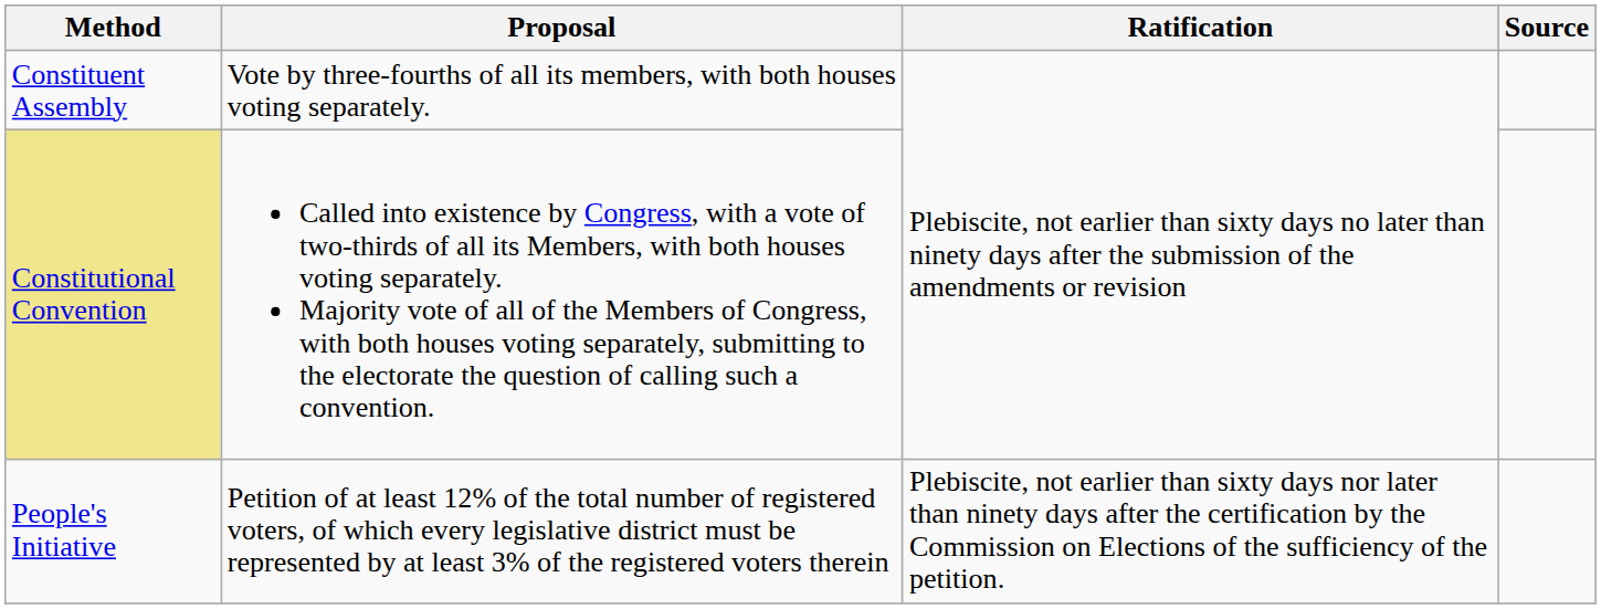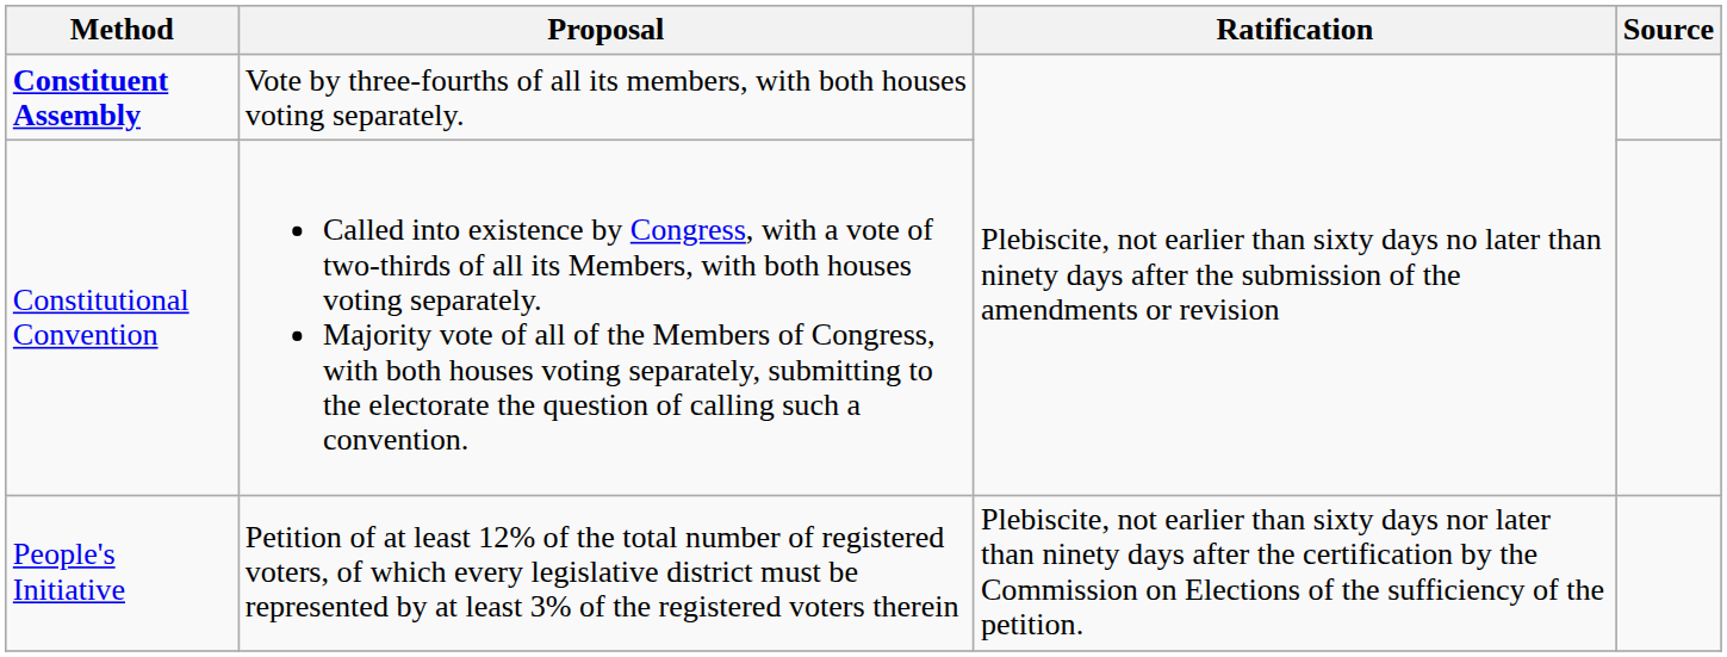 <table class="wikitable" style="width:auto; margin:auto;">
 <tr>
 <th>Method</th>
 <th>Proposal</th>
 <th>Ratification</th>
 <th>Source</th>
 </tr>
 <tr>
-<td><a href='#'>Constituent Assembly</a></td>
+<td><strong><a href='#'>Constituent Assembly</a></strong></td>
 <td>Vote by three-fourths of all its members, with both houses voting separately.</td>
 <td rowspan="2">Plebiscite, not earlier than sixty days no later than ninety days after the submission of the amendments or revision</td>
 <td></td>
 </tr>
 <tr>
-<td style="background: khaki;"><a href='#'>Constitutional Convention</a></td>
+<td><a href='#'>Constitutional Convention</a></td>
 <td><br><ul><li>Called into existence by <a href='#'>Congress</a>, with a vote of two-thirds of all its Members, with both houses voting separately.</li><li>Majority vote of all of the Members of Congress, with both houses voting separately, submitting to the electorate the question of calling such a convention.</li></ul></td>
 <td></td>
 </tr>
 <tr>
 <td><a href='#'>People's Initiative</a></td>
 <td>Petition of at least 12% of the total number of registered voters, of which every legislative district must be represented by at least 3% of the registered voters therein</td>
 <td>Plebiscite, not earlier than sixty days nor later than ninety days after the certification by the Commission on Elections of the sufficiency of the petition.</td>
 <td></td>
 </tr>
 </table>
